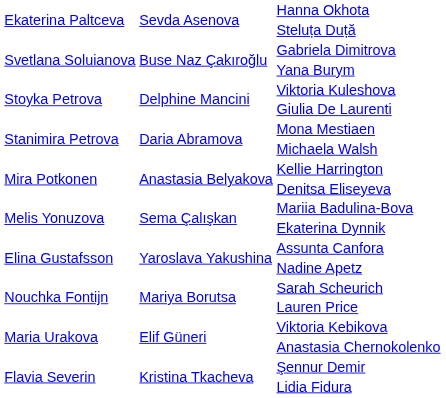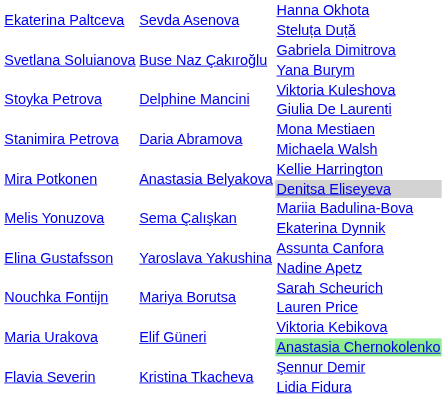 <table>
 <tr>
 <td rowspan=2 align="center"><strong></strong></td>
 <td rowspan=2> <a href='#'>Ekaterina Paltceva</a></td>
 <td rowspan=2> <a href='#'>Sevda Asenova</a></td>
 <td> <a href='#'>Hanna Okhota</a></td>
 </tr>
 <tr>
 <td> <a href='#'>Steluța Duță</a></td>
 </tr>
 <tr>
 <td rowspan=2 align="center"><strong></strong></td>
 <td rowspan=2> <a href='#'>Svetlana Soluianova</a></td>
 <td rowspan=2> <a href='#'>Buse Naz Çakıroğlu</a></td>
 <td> <a href='#'>Gabriela Dimitrova</a></td>
 </tr>
 <tr>
 <td> <a href='#'>Yana Burym</a></td>
 </tr>
 <tr>
 <td rowspan=2 align="center"><strong></strong></td>
 <td rowspan=2> <a href='#'>Stoyka Petrova</a></td>
 <td rowspan=2> <a href='#'>Delphine Mancini</a></td>
 <td> <a href='#'>Viktoria Kuleshova</a></td>
 </tr>
 <tr>
 <td> <a href='#'>Giulia De Laurenti</a></td>
 </tr>
 <tr>
 <td rowspan=2 align="center"><strong></strong></td>
 <td rowspan=2> <a href='#'>Stanimira Petrova</a></td>
 <td rowspan=2> <a href='#'>Daria Abramova</a></td>
 <td> <a href='#'>Mona Mestiaen</a></td>
 </tr>
 <tr>
 <td> <a href='#'>Michaela Walsh</a></td>
 </tr>
 <tr>
 <td rowspan=2 align="center"><strong></strong></td>
 <td rowspan=2> <a href='#'>Mira Potkonen</a></td>
 <td rowspan=2> <a href='#'>Anastasia Belyakova</a></td>
 <td> <a href='#'>Kellie Harrington</a></td>
 </tr>
 <tr>
-<td> <a href='#'>Denitsa Eliseyeva</a></td>
+<td style="background: lightgrey;"> <a href='#'>Denitsa Eliseyeva</a></td>
 </tr>
 <tr>
 <td rowspan=2 align="center"><strong></strong></td>
 <td rowspan=2> <a href='#'>Melis Yonuzova</a></td>
 <td rowspan=2> <a href='#'>Sema Çalışkan</a></td>
 <td> <a href='#'>Mariia Badulina-Bova</a></td>
 </tr>
 <tr>
 <td> <a href='#'>Ekaterina Dynnik</a></td>
 </tr>
 <tr>
 <td rowspan=2 align="center"><strong></strong></td>
 <td rowspan=2> <a href='#'>Elina Gustafsson</a></td>
 <td rowspan=2> <a href='#'>Yaroslava Yakushina</a></td>
 <td> <a href='#'>Assunta Canfora</a></td>
 </tr>
 <tr>
 <td> <a href='#'>Nadine Apetz</a></td>
 </tr>
 <tr>
 <td rowspan=2 align="center"><strong></strong></td>
 <td rowspan=2> <a href='#'>Nouchka Fontijn</a></td>
 <td rowspan=2> <a href='#'>Mariya Borutsa</a></td>
 <td> <a href='#'>Sarah Scheurich</a></td>
 </tr>
 <tr>
 <td> <a href='#'>Lauren Price</a></td>
 </tr>
 <tr>
 <td rowspan=2 align="center"><strong></strong></td>
 <td rowspan=2> <a href='#'>Maria Urakova</a></td>
 <td rowspan=2> <a href='#'>Elif Güneri</a></td>
 <td> <a href='#'>Viktoria Kebikova</a></td>
 </tr>
 <tr>
-<td> <a href='#'>Anastasia Chernokolenko</a></td>
+<td style="background: lightgreen;"> <a href='#'>Anastasia Chernokolenko</a></td>
 </tr>
 <tr>
 <td rowspan=2 align="center"><strong></strong></td>
 <td rowspan=2> <a href='#'>Flavia Severin</a></td>
 <td rowspan=2> <a href='#'>Kristina Tkacheva</a></td>
 <td> <a href='#'>Şennur Demir</a></td>
 </tr>
 <tr>
 <td> <a href='#'>Lidia Fidura</a></td>
 </tr>
 </table>
